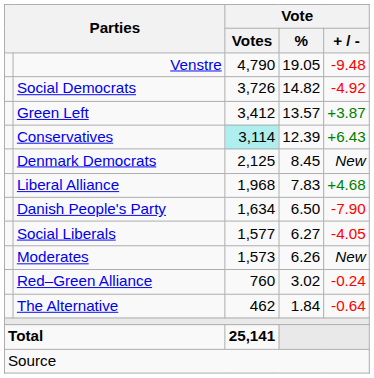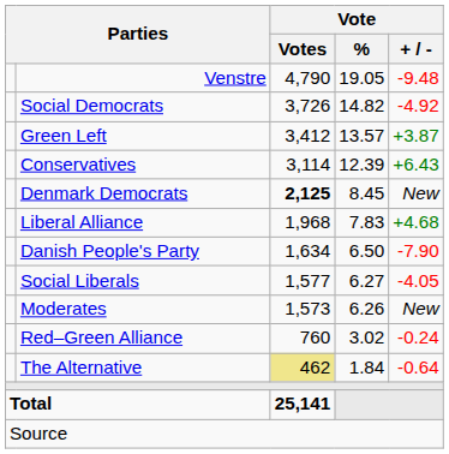 <table class="wikitable" style="text-align:right;">
 <tr>
 <th style="text-align:centre;" rowspan="2" colspan="2" width="225">Parties</th>
 <th colspan="3">Vote</th>
 </tr>
 <tr>
 <th width="15">Votes</th>
 <th width="15">%</th>
 <th width="15">+ / -</th>
 </tr>
 <tr>
 <td width=2 bgcolor=></td>
 <td><a href='#'>Venstre</a></td>
 <td>4,790</td>
 <td>19.05</td>
 <td style=color:red;>-9.48</td>
 </tr>
 <tr>
 <td width=2 bgcolor=></td>
 <td align=left><a href='#'>Social Democrats</a></td>
 <td>3,726</td>
 <td>14.82</td>
 <td style=color:red;>-4.92</td>
 </tr>
 <tr>
 <td width=2 bgcolor=></td>
 <td align=left><a href='#'>Green Left</a></td>
 <td>3,412</td>
 <td>13.57</td>
 <td style=color:green;>+3.87</td>
 </tr>
 <tr>
 <td width=2 bgcolor=></td>
 <td align=left><a href='#'>Conservatives</a></td>
-<td style="background: paleturquoise;">3,114</td>
+<td>3,114</td>
 <td>12.39</td>
 <td style=color:green;>+6.43</td>
 </tr>
 <tr>
 <td width=2 bgcolor=></td>
 <td align=left><a href='#'>Denmark Democrats</a></td>
-<td>2,125</td>
+<td><strong>2,125</strong></td>
 <td>8.45</td>
 <td><em>New</em></td>
 </tr>
 <tr>
 <td width=2 bgcolor=></td>
 <td align=left><a href='#'>Liberal Alliance</a></td>
 <td>1,968</td>
 <td>7.83</td>
 <td style=color:green;>+4.68</td>
 </tr>
 <tr>
 <td width=2 bgcolor=></td>
 <td align=left><a href='#'>Danish People's Party</a></td>
 <td>1,634</td>
 <td>6.50</td>
 <td style=color:red;>-7.90</td>
 </tr>
 <tr>
 <td width=2 bgcolor=></td>
 <td align=left><a href='#'>Social Liberals</a></td>
 <td>1,577</td>
 <td>6.27</td>
 <td style=color:red;>-4.05</td>
 </tr>
 <tr>
 <td width=2 bgcolor=></td>
 <td align=left><a href='#'>Moderates</a></td>
 <td>1,573</td>
 <td>6.26</td>
 <td><em>New</em></td>
 </tr>
 <tr>
 <td width=2 bgcolor=></td>
 <td align=left><a href='#'>Red–Green Alliance</a></td>
 <td>760</td>
 <td>3.02</td>
 <td style=color:red;>-0.24</td>
 </tr>
 <tr>
 <td width=2 bgcolor=></td>
 <td align=left><a href='#'>The Alternative</a></td>
-<td>462</td>
+<td style="background: khaki;">462</td>
 <td>1.84</td>
 <td style=color:red;>-0.64</td>
 </tr>
 <tr>
 <td colspan="7" bgcolor="#E9E9E9"></td>
 </tr>
 <tr>
 <td align="left" colspan="2"><strong>Total</strong></td>
 <td><strong>25,141</strong></td>
 <td bgcolor=#E9E9E9 colspan=2></td>
 </tr>
 <tr>
 <td align="left" colspan="6">Source</td>
 </tr>
 </table>
